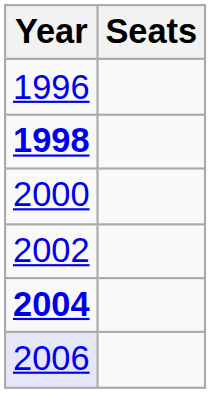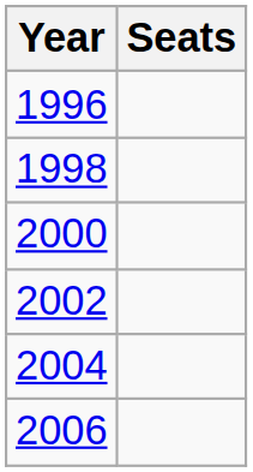 <table class="wikitable">
 <tr>
 <th>Year</th>
 <th>Seats</th>
 </tr>
 <tr>
 <td><a href='#'>1996</a></td>
 <td></td>
 </tr>
 <tr>
-<td><strong><a href='#'>1998</a></strong></td>
+<td><a href='#'>1998</a></td>
 <td></td>
 </tr>
 <tr>
 <td><a href='#'>2000</a></td>
 <td></td>
 </tr>
 <tr>
 <td><a href='#'>2002</a></td>
 <td></td>
 </tr>
 <tr>
-<td><strong><a href='#'>2004</a></strong></td>
+<td><a href='#'>2004</a></td>
 <td></td>
 </tr>
 <tr>
-<td style="background: lavender;"><a href='#'>2006</a></td>
+<td><a href='#'>2006</a></td>
 <td></td>
 </tr>
 </table>
